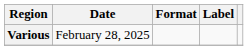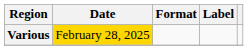 <table class="wikitable plainrowheaders">
 <tr>
 <th scope="col">Region</th>
 <th scope="col">Date</th>
 <th scope="col">Format</th>
 <th scope="col">Label</th>
 <th scope="col"></th>
 </tr>
 <tr>
 <th scope="row">Various</th>
-<td>February 28, 2025</td>
+<td style="background: gold;">February 28, 2025</td>
 <td></td>
 <td></td>
 <td align="center"></td>
 </tr>
 <tr>
 </tr>
 </table>
